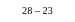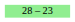 <table style="text-align:center">
 <tr>
 <th width=200></th>
 <th width=100></th>
 <th width=200></th>
 </tr>
 <tr>
 <td align=right><strong></strong></td>
-<td>28 – 23</td>
+<td style="background: lightgreen;">28 – 23</td>
 <td align=left></td>
 </tr>
 </table>
